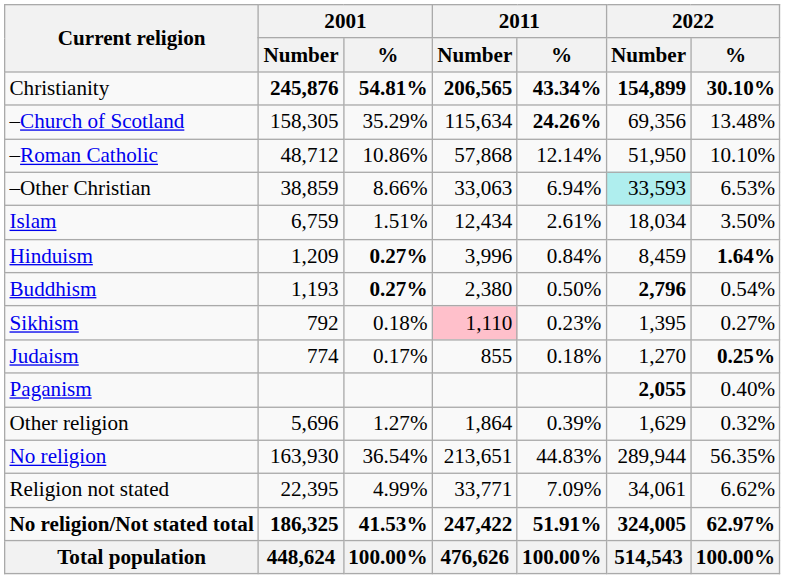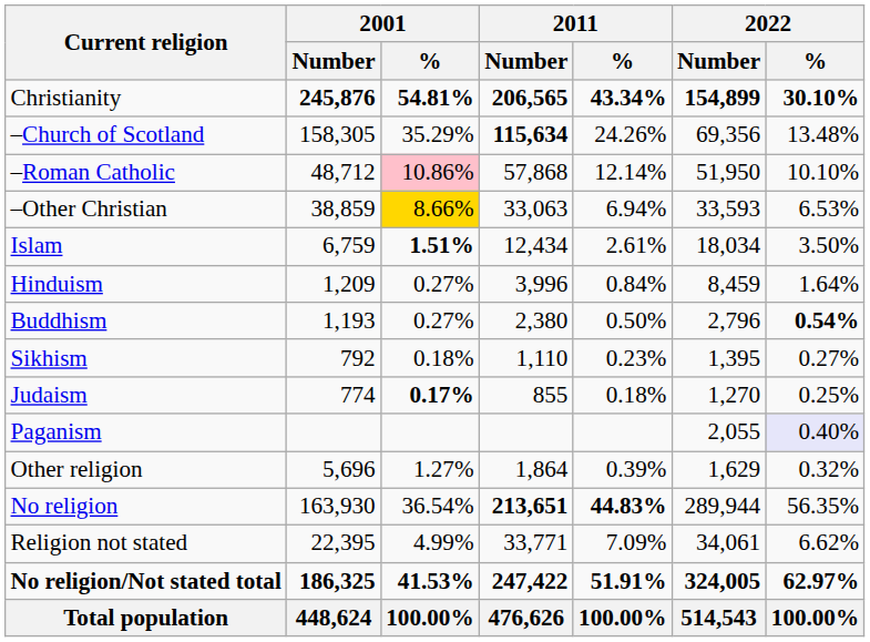 <table class="wikitable sortable">
 <tr>
 <th rowspan="2">Current religion</th>
 <th colspan="2">2001</th>
 <th colspan="2">2011</th>
 <th colspan="2">2022</th>
 </tr>
 <tr>
 <th>Number</th>
 <th>%</th>
 <th>Number</th>
 <th>%</th>
 <th>Number</th>
 <th>%</th>
 </tr>
 <tr>
 <td>Christianity</td>
 <td align=right><strong>245,876</strong></td>
 <td align=right><strong>54.81%</strong></td>
 <td align=right><strong>206,565</strong></td>
 <td align=right><strong>43.34%</strong></td>
 <td align=right><strong>154,899</strong></td>
 <td align=right><strong>30.10%</strong></td>
 </tr>
 <tr>
 <td>–<a href='#'>Church of Scotland</a></td>
 <td align=right>158,305</td>
 <td align=right>35.29%</td>
-<td align=right>115,634</td>
-<td align=right><strong>24.26%</strong></td>
+<td align=right><strong>115,634</strong></td>
+<td align=right>24.26%</td>
 <td align=right>69,356</td>
 <td align=right>13.48%</td>
 </tr>
 <tr>
 <td>–<a href='#'>Roman Catholic</a></td>
 <td align=right>48,712</td>
-<td align=right>10.86%</td>
+<td align=right style="background: pink;">10.86%</td>
 <td align=right>57,868</td>
 <td align=right>12.14%</td>
 <td align=right>51,950</td>
 <td align=right>10.10%</td>
 </tr>
 <tr>
 <td>–Other Christian</td>
 <td align=right>38,859</td>
-<td align=right>8.66%</td>
+<td align=right style="background: gold;">8.66%</td>
 <td align=right>33,063</td>
 <td align=right>6.94%</td>
-<td align=right style="background: paleturquoise;">33,593</td>
+<td align=right>33,593</td>
 <td align=right>6.53%</td>
 </tr>
 <tr>
 <td><a href='#'>Islam</a></td>
 <td align=right>6,759</td>
-<td align=right>1.51%</td>
+<td align=right><strong>1.51%</strong></td>
 <td align=right>12,434</td>
 <td align=right>2.61%</td>
 <td align=right>18,034</td>
 <td align=right>3.50%</td>
 </tr>
 <tr>
 <td><a href='#'>Hinduism</a></td>
 <td align=right>1,209</td>
-<td align=right><strong>0.27%</strong></td>
+<td align=right>0.27%</td>
 <td align=right>3,996</td>
 <td align=right>0.84%</td>
 <td align=right>8,459</td>
-<td align=right><strong>1.64%</strong></td>
+<td align=right>1.64%</td>
 </tr>
 <tr>
 <td><a href='#'>Buddhism</a></td>
 <td align=right>1,193</td>
-<td align=right><strong>0.27%</strong></td>
+<td align=right>0.27%</td>
 <td align=right>2,380</td>
 <td align=right>0.50%</td>
-<td align=right><strong>2,796</strong></td>
-<td align=right>0.54%</td>
+<td align=right>2,796</td>
+<td align=right><strong>0.54%</strong></td>
 </tr>
 <tr>
 <td><a href='#'>Sikhism</a></td>
 <td align=right>792</td>
 <td align=right>0.18%</td>
-<td align=right style="background: pink;">1,110</td>
+<td align=right>1,110</td>
 <td align=right>0.23%</td>
 <td align=right>1,395</td>
 <td align=right>0.27%</td>
 </tr>
 <tr>
 <td><a href='#'>Judaism</a></td>
 <td align=right>774</td>
-<td align=right>0.17%</td>
+<td align=right><strong>0.17%</strong></td>
 <td align=right>855</td>
 <td align=right>0.18%</td>
 <td align=right>1,270</td>
-<td align=right><strong>0.25%</strong></td>
+<td align=right>0.25%</td>
 </tr>
 <tr>
 <td><a href='#'>Paganism</a></td>
 <td></td>
 <td></td>
 <td></td>
 <td></td>
-<td align=right><strong>2,055</strong></td>
-<td align=right>0.40%</td>
+<td align=right>2,055</td>
+<td align=right style="background: lavender;">0.40%</td>
 </tr>
 <tr>
 <td>Other religion</td>
 <td align=right>5,696</td>
 <td align=right>1.27%</td>
 <td align=right>1,864</td>
 <td align=right>0.39%</td>
 <td align=right>1,629</td>
 <td align=right>0.32%</td>
 </tr>
 <tr>
 <td><a href='#'>No religion</a></td>
 <td align=right>163,930</td>
 <td align=right>36.54%</td>
-<td align=right>213,651</td>
-<td align=right>44.83%</td>
+<td align=right><strong>213,651</strong></td>
+<td align=right><strong>44.83%</strong></td>
 <td align=right>289,944</td>
 <td align=right>56.35%</td>
 </tr>
 <tr>
 <td>Religion not stated</td>
 <td align=right>22,395</td>
 <td align=right>4.99%</td>
 <td align=right>33,771</td>
 <td align=right>7.09%</td>
 <td align=right>34,061</td>
 <td align=right>6.62%</td>
 </tr>
 <tr>
 <td><strong>No religion/Not stated total</strong></td>
 <td align=right><strong>186,325</strong></td>
 <td align=right><strong>41.53%</strong></td>
 <td align=right><strong>247,422</strong></td>
 <td align=right><strong>51.91%</strong></td>
 <td align=right><strong>324,005</strong></td>
 <td align=right><strong>62.97%</strong></td>
 </tr>
 <tr>
 <th><strong>Total population</strong></th>
 <th align=right><strong>448,624</strong></th>
 <th align=right><strong>100.00%</strong></th>
 <th align=right><strong>476,626</strong></th>
 <th align=right><strong>100.00%</strong></th>
 <th align=right><strong>514,543</strong></th>
 <th align=right><strong>100.00%</strong></th>
 </tr>
 </table>
